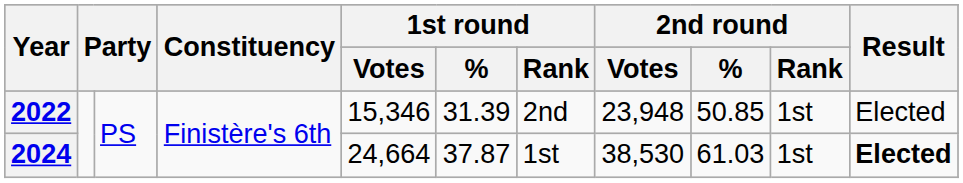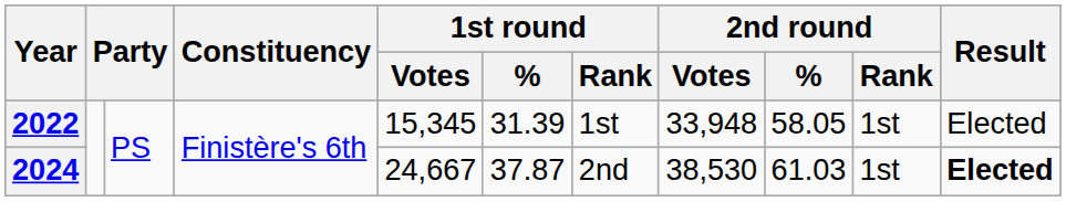 <table class="wikitable">
 <tr>
 <th rowspan="2">Year</th>
 <th colspan="2" rowspan="2">Party</th>
 <th rowspan="2">Constituency</th>
 <th colspan="3"><abbr>1st</abbr> round</th>
 <th colspan="3"><abbr>2nd</abbr> round</th>
 <th rowspan="2">Result</th>
 </tr>
 <tr>
 <th>Votes</th>
 <th>%</th>
 <th>Rank</th>
 <th>Votes</th>
 <th>%</th>
 <th>Rank</th>
 </tr>
 <tr>
 <th><a href='#'>2022</a></th>
 <td rowspan="2" style="background:"></td>
 <td rowspan="2"><a href='#'>PS</a></td>
 <td rowspan="2"><a href='#'>Finistère's 6th</a></td>
-<td>15,346</td>
+<td>15,345</td>
 <td>31.39</td>
-<td><abbr>2nd</abbr></td>
-<td>23,948</td>
-<td>50.85</td>
+<td><abbr>1st</abbr></td>
+<td>33,948</td>
+<td>58.05</td>
 <td><abbr>1st</abbr></td>
 <td>Elected</td>
 </tr>
 <tr>
 <th><a href='#'>2024</a></th>
-<td>24,664</td>
+<td>24,667</td>
 <td>37.87</td>
-<td><abbr>1st</abbr></td>
+<td><abbr>2nd</abbr></td>
 <td>38,530</td>
 <td>61.03</td>
 <td><abbr>1st</abbr></td>
 <td><strong>Elected</strong></td>
 </tr>
 </table>
